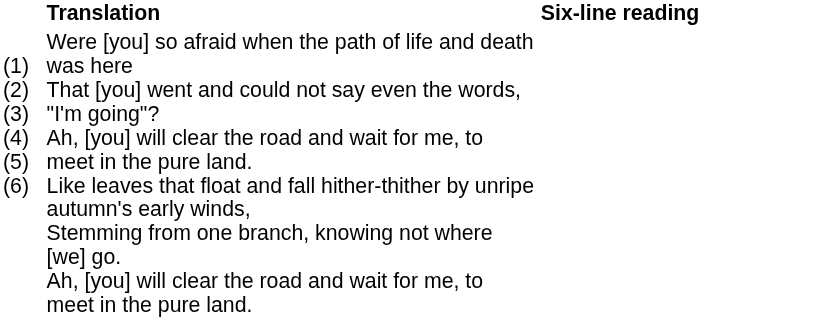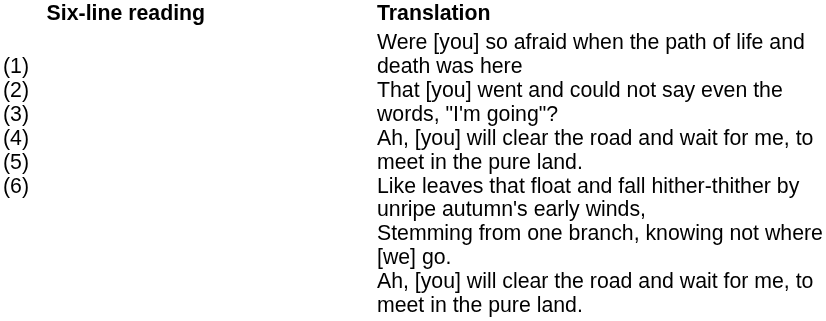 <table>
 <tr>
 <th style="text-align:left;" width="5%"></th>
+<th style="text-align:left;" width="40%">Six-line reading</th>
 <th style="text-align:left;" width="60%">Translation</th>
-<th style="text-align:left;" width="40%">Six-line reading</th>
 </tr>
 <tr valign=top>
 <td><br>(1)<br>(2)<br>(3)<br>(4)<br>(5)<br>(6)</td>
+<td></td>
 <td>Were [you] so afraid when the path of life and death was here<br>That [you] went and could not say even the words, "I'm going"?<br>Ah, [you] will clear the road and wait for me, to meet in the pure land.<br>Like leaves that float and fall hither-thither by unripe autumn's early winds,<br>Stemming from one branch, knowing not where [we] go.<br>Ah, [you] will clear the road and wait for me, to meet in the pure land.</td>
-<td></td>
 </tr>
 </table>
